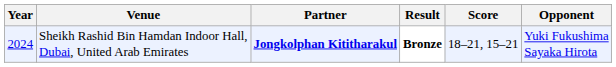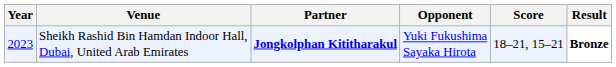 <table class="sortable wikitable" style="font-size: 90%;">
 <tr>
 <th>Year</th>
 <th>Venue</th>
 <th>Partner</th>
+<th>Opponent</th>
+<th>Score</th>
 <th>Result</th>
-<th>Score</th>
-<th>Opponent</th>
 </tr>
 <tr style="background:#ECF2FF">
-<td align="center"><a href='#'>2024</a></td>
+<td align="center"><a href='#'>2023</a></td>
 <td align="left">Sheikh Rashid Bin Hamdan Indoor Hall,<br><a href='#'>Dubai</a>, United Arab Emirates</td>
 <td align="left"><strong> <a href='#'>Jongkolphan Kititharakul</a></strong></td>
+<td align="left"> <a href='#'>Yuki Fukushima</a><br> <a href='#'>Sayaka Hirota</a></td>
+<td align="left">18–21, 15–21</td>
 <td style="text-align:left; background:white"> <strong>Bronze</strong></td>
-<td align="left">18–21, 15–21</td>
-<td align="left"> <a href='#'>Yuki Fukushima</a><br> <a href='#'>Sayaka Hirota</a></td>
 </tr>
 </table>
